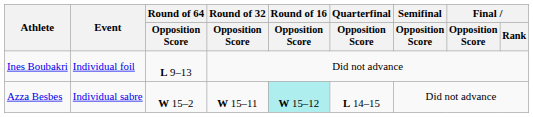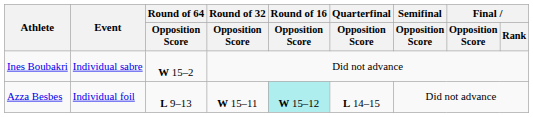 <table class="wikitable" style="font-size:90%">
 <tr>
 <th rowspan="2">Athlete</th>
 <th rowspan="2">Event</th>
 <th>Round of 64</th>
 <th>Round of 32</th>
 <th>Round of 16</th>
 <th>Quarterfinal</th>
 <th>Semifinal</th>
 <th colspan=2>Final / </th>
 </tr>
 <tr style="font-size:95%">
 <th>Opposition <br> Score</th>
 <th>Opposition <br> Score</th>
 <th>Opposition <br> Score</th>
 <th>Opposition <br> Score</th>
 <th>Opposition <br> Score</th>
 <th>Opposition <br> Score</th>
 <th>Rank</th>
 </tr>
 <tr align=center>
 <td align=left><a href='#'>Ines Boubakri</a></td>
-<td align=left><a href='#'>Individual foil</a></td>
-<td><br><strong>L</strong> 9–13</td>
+<td align=left><a href='#'>Individual sabre</a></td>
+<td><br><strong>W</strong> 15–2</td>
 <td colspan=6>Did not advance</td>
 </tr>
 <tr align=center>
 <td align=left><a href='#'>Azza Besbes</a></td>
-<td align=left><a href='#'>Individual sabre</a></td>
-<td><br><strong>W</strong> 15–2</td>
+<td align=left><a href='#'>Individual foil</a></td>
+<td><br><strong>L</strong> 9–13</td>
 <td><br><strong>W</strong> 15–11</td>
 <td style="background: paleturquoise;"><br><strong>W</strong> 15–12</td>
 <td><br><strong>L</strong> 14–15</td>
 <td colspan=3>Did not advance</td>
 </tr>
 </table>
